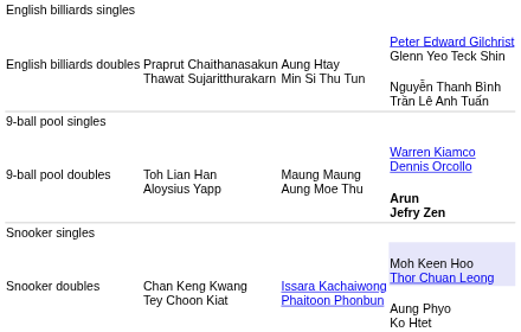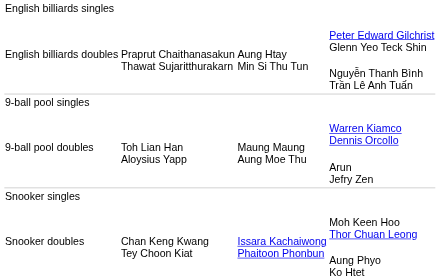 <table>
 <tr>
 <td rowspan=2>English billiards singles<br></td>
 <td rowspan=2></td>
 <td rowspan=2></td>
 <td></td>
 </tr>
 <tr>
 <td></td>
 </tr>
 <tr>
 <td rowspan=2>English billiards doubles<br></td>
 <td rowspan=2><br>Praprut Chaithanasakun<br>Thawat Sujaritthurakarn</td>
 <td rowspan=2><br>Aung Htay<br>Min Si Thu Tun</td>
 <td><br><a href='#'>Peter Edward Gilchrist</a><br>Glenn Yeo Teck Shin</td>
 </tr>
 <tr>
 <td><br>Nguyễn Thanh Bình<br>Trần Lê Anh Tuấn</td>
 </tr>
 <tr style="background:#dddddd;">
 <td colspan=7></td>
 </tr>
 <tr>
 <td rowspan=2>9-ball pool singles<br></td>
 <td rowspan=2></td>
 <td rowspan=2></td>
 <td></td>
 </tr>
 <tr>
 <td></td>
 </tr>
 <tr>
 <td rowspan=2>9-ball pool doubles<br></td>
 <td rowspan=2><br>Toh Lian Han<br>Aloysius Yapp</td>
 <td rowspan=2><br>Maung Maung<br>Aung Moe Thu</td>
 <td><br><a href='#'>Warren Kiamco</a><br><a href='#'>Dennis Orcollo</a></td>
 </tr>
 <tr>
-<td><strong><br>Arun<br>Jefry Zen</strong></td>
+<td><br>Arun<br>Jefry Zen</td>
 </tr>
 <tr style="background:#dddddd;">
 <td colspan=7></td>
 </tr>
 <tr>
 <td rowspan=2>Snooker singles<br></td>
 <td rowspan=2></td>
 <td rowspan=2></td>
 <td></td>
 </tr>
 <tr>
 <td></td>
 </tr>
 <tr>
 <td rowspan=2>Snooker doubles<br></td>
 <td rowspan=2><br>Chan Keng Kwang<br>Tey Choon Kiat</td>
 <td rowspan=2><br><a href='#'>Issara Kachaiwong</a><br><a href='#'>Phaitoon Phonbun</a></td>
-<td style="background: lavender;"><br>Moh Keen Hoo<br><a href='#'>Thor Chuan Leong</a></td>
+<td><br>Moh Keen Hoo<br><a href='#'>Thor Chuan Leong</a></td>
 </tr>
 <tr>
 <td><br>Aung Phyo<br>Ko Htet</td>
 </tr>
 <tr>
 </tr>
 </table>
